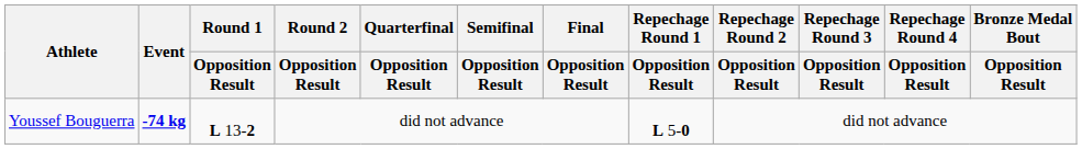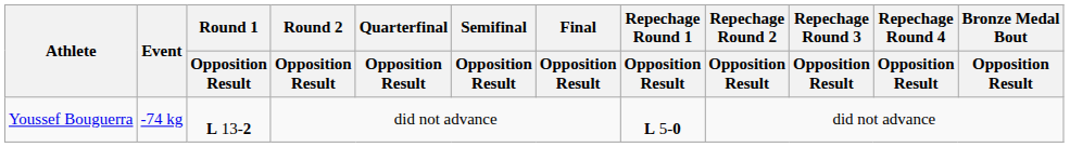 <table class=wikitable style=font-size:90%>
 <tr>
 <th rowspan=2>Athlete</th>
 <th rowspan=2>Event</th>
 <th>Round 1</th>
 <th>Round 2</th>
 <th>Quarterfinal</th>
 <th>Semifinal</th>
 <th>Final</th>
 <th>Repechage<br>Round 1</th>
 <th>Repechage<br>Round 2</th>
 <th>Repechage<br>Round 3</th>
 <th>Repechage<br>Round 4</th>
 <th>Bronze Medal<br>Bout</th>
 </tr>
 <tr>
 <th>Opposition<br>Result</th>
 <th>Opposition<br>Result</th>
 <th>Opposition<br>Result</th>
 <th>Opposition<br>Result</th>
 <th>Opposition<br>Result</th>
 <th>Opposition<br>Result</th>
 <th>Opposition<br>Result</th>
 <th>Opposition<br>Result</th>
 <th>Opposition<br>Result</th>
 <th>Opposition<br>Result</th>
 </tr>
 <tr>
 <td><a href='#'>Youssef Bouguerra</a></td>
-<td><strong><a href='#'>-74 kg</a></strong></td>
+<td><a href='#'>-74 kg</a></td>
 <td align=center><br><strong>L</strong> 13-<strong>2</strong></td>
 <td align=center colspan=4>did not advance</td>
 <td align=center><br><strong>L</strong> 5-<strong>0</strong></td>
 <td align=center colspan=4>did not advance</td>
 </tr>
 </table>
